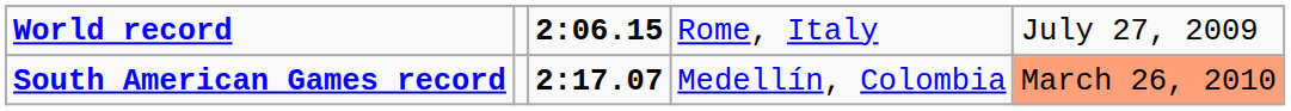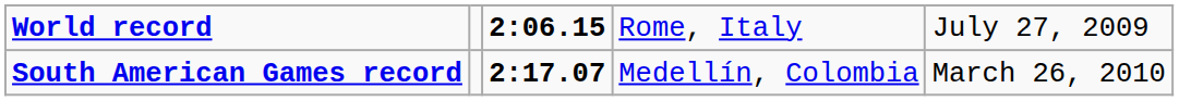 <table class="wikitable">
 <tr>
 <td><strong><a href='#'>World record</a></strong></td>
 <td></td>
 <td><strong>2:06.15</strong></td>
 <td><a href='#'>Rome</a>, <a href='#'>Italy</a></td>
 <td>July 27, 2009</td>
 </tr>
 <tr>
 <td><strong><a href='#'>South American Games record</a></strong></td>
 <td></td>
 <td><strong>2:17.07</strong></td>
 <td><a href='#'>Medellín</a>, <a href='#'>Colombia</a></td>
-<td style="background: lightsalmon;">March 26, 2010</td>
+<td>March 26, 2010</td>
 </tr>
 </table>
